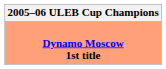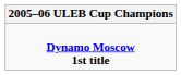 <table class=wikitable style="text-align:center; margin:auto">
 <tr>
 <th>2005–06 ULEB Cup Champions</th>
 </tr>
 <tr>
-<td style="background: lightsalmon;"><br> <strong><a href='#'>Dynamo Moscow</a></strong> <br> <strong>1st title</strong></td>
+<td><br> <strong><a href='#'>Dynamo Moscow</a></strong> <br> <strong>1st title</strong></td>
 </tr>
 </table>
